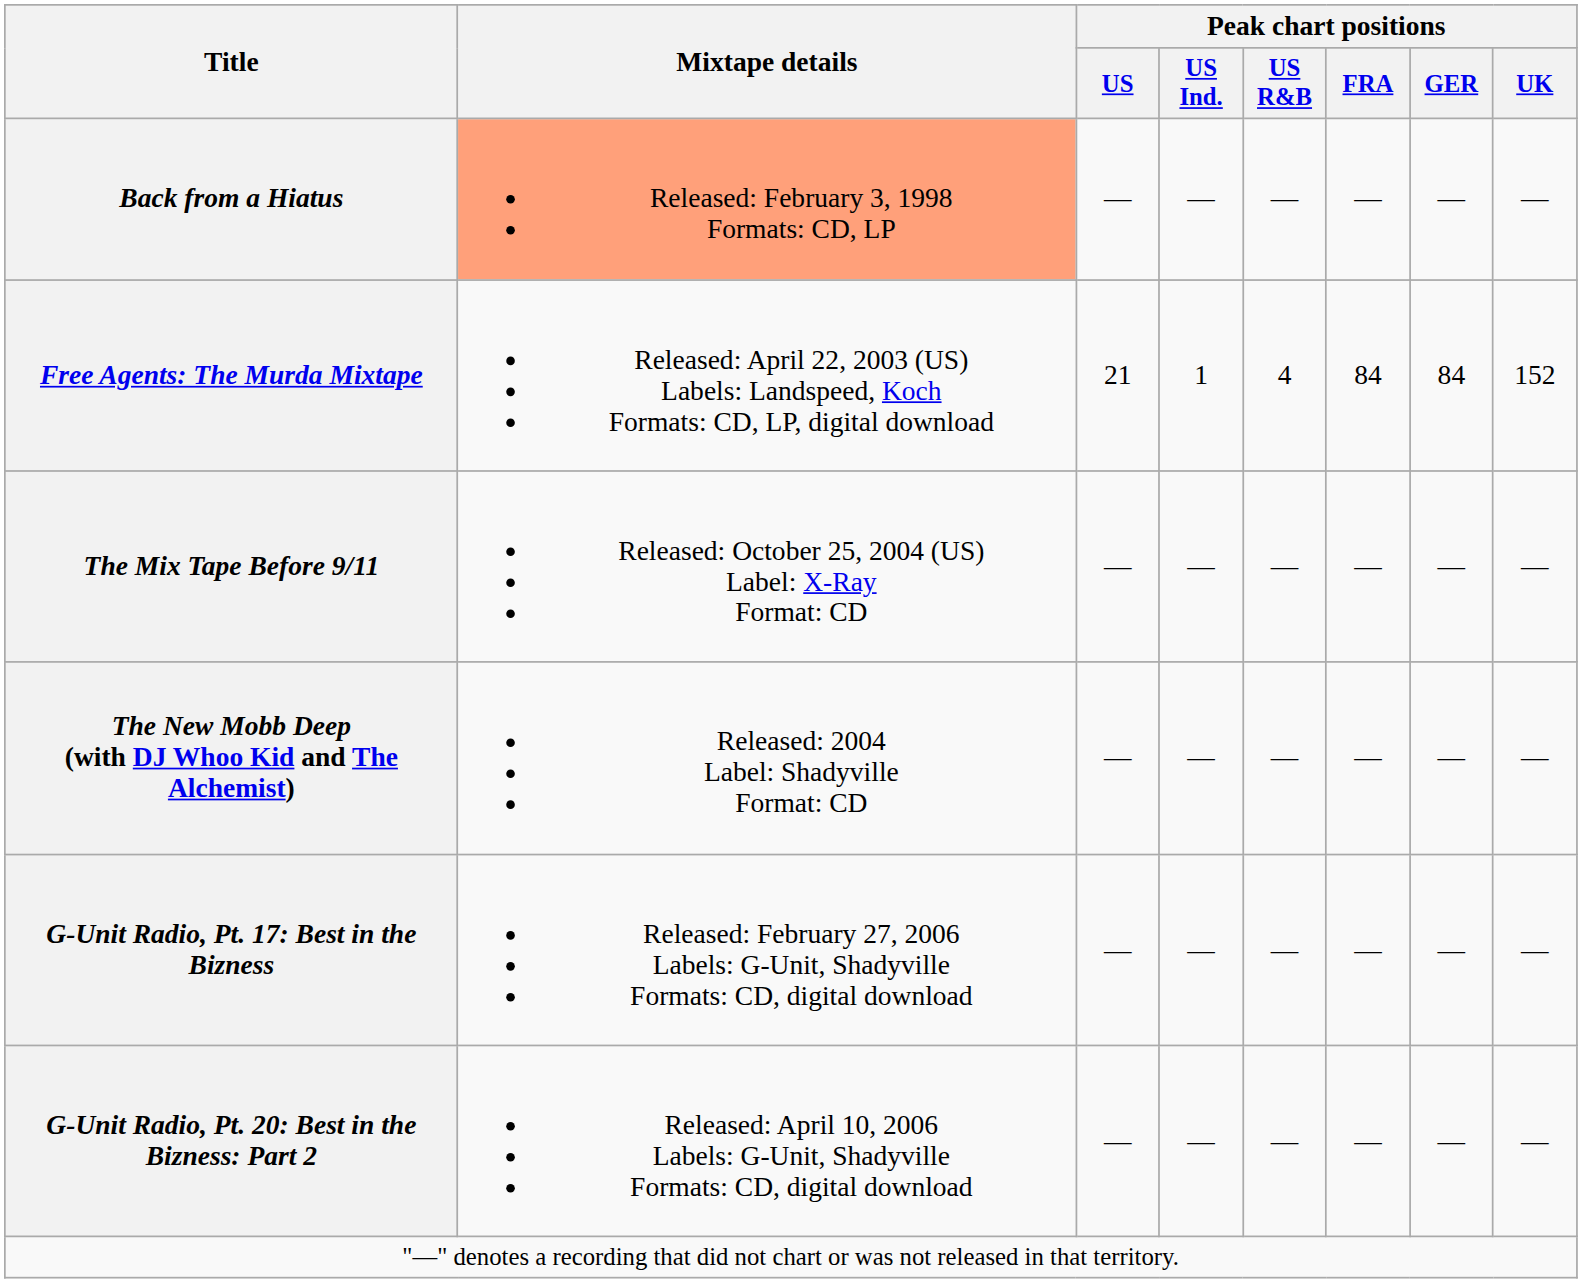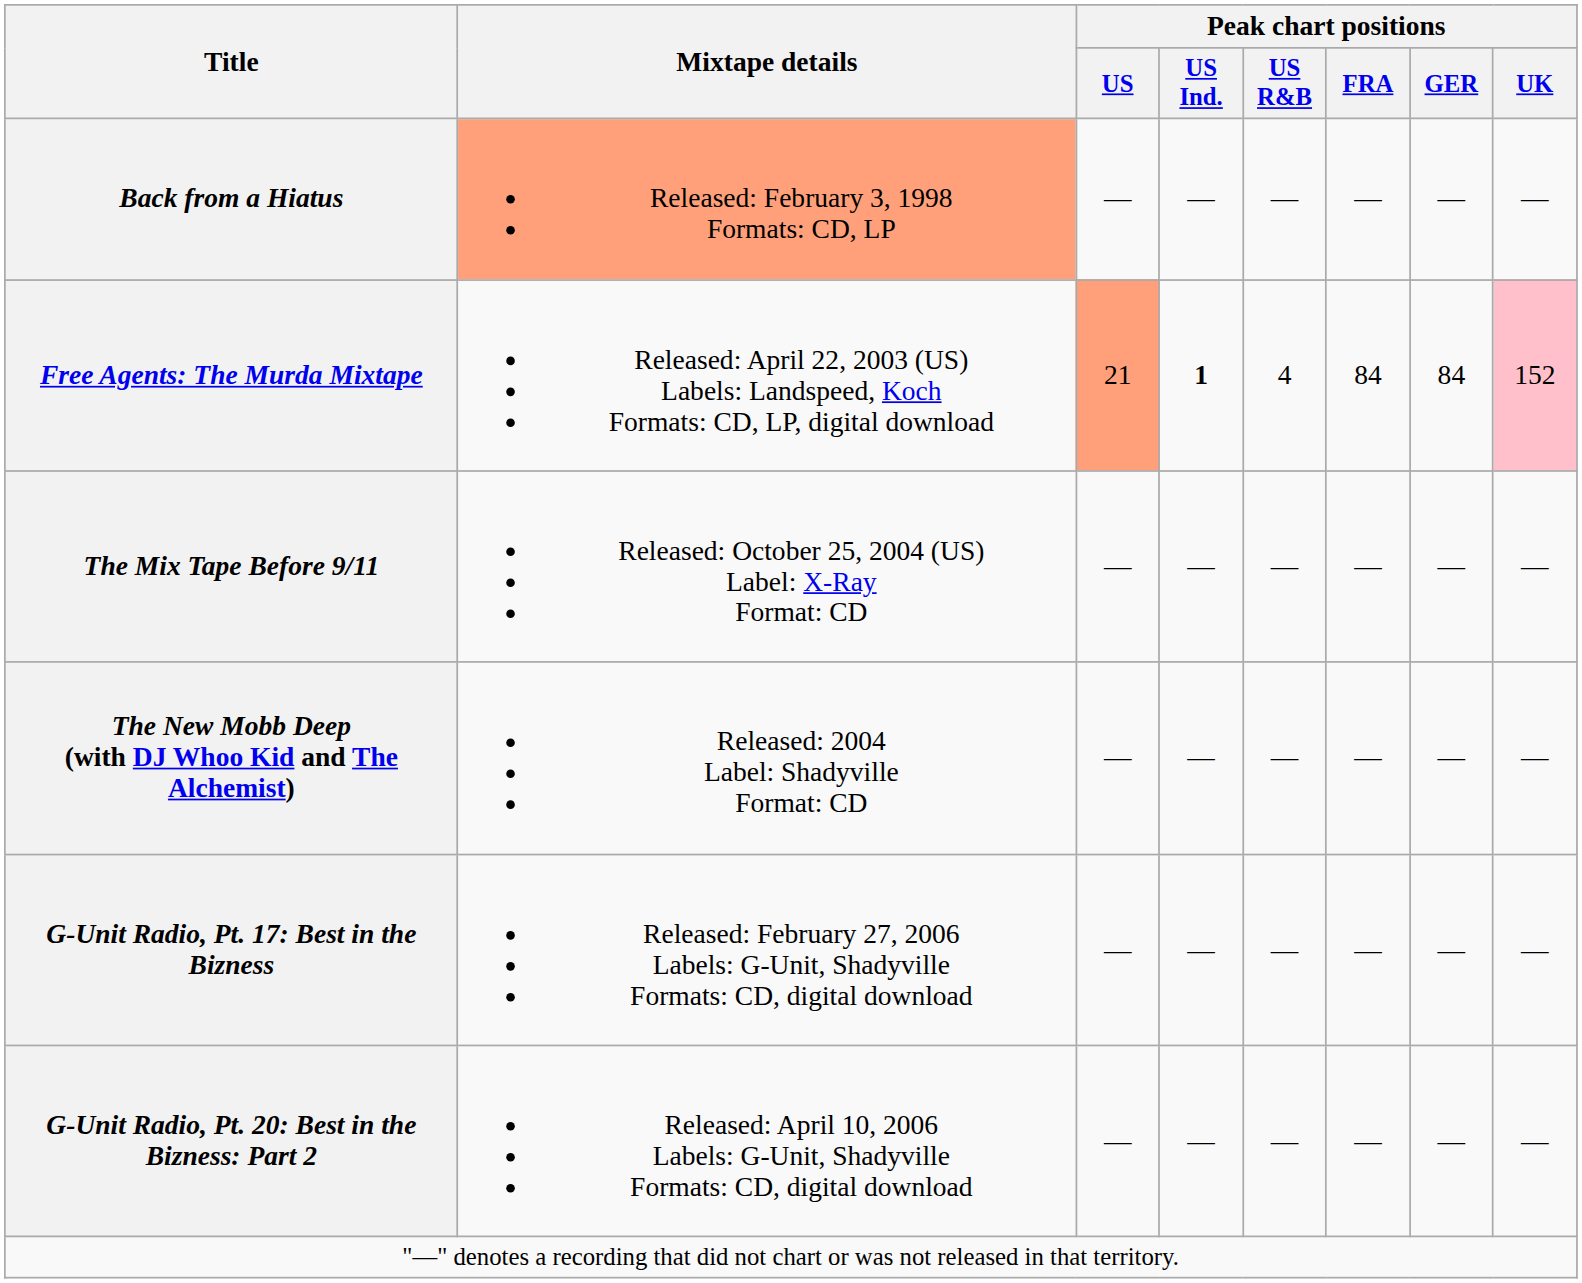 <table class="wikitable plainrowheaders" style="text-align:center;" border="1">
 <tr>
 <th scope="col" rowspan="2" style="width:16em;">Title</th>
 <th scope="col" rowspan="2" style="width:22em;">Mixtape details</th>
 <th scope="col" colspan="6">Peak chart positions</th>
 </tr>
 <tr>
 <th scope="col" style="width:2.9em;font-size:90%;"><a href='#'>US</a><br></th>
 <th scope="col" style="width:2.9em;font-size:90%;"><a href='#'>US<br>Ind.</a><br></th>
 <th scope="col" style="width:2.9em;font-size:90%;"><a href='#'>US<br>R&B</a><br></th>
 <th scope="col" style="width:2.9em;font-size:90%;"><a href='#'>FRA</a><br></th>
 <th scope="col" style="width:2.9em;font-size:90%;"><a href='#'>GER</a><br></th>
 <th scope="col" style="width:2.9em;font-size:90%;"><a href='#'>UK</a><br></th>
 </tr>
 <tr>
 <th scope="row"><em>Back from a Hiatus</em></th>
 <td style="background: lightsalmon;"><br><ul><li>Released: February 3, 1998</li><li>Formats: CD, LP</li></ul></td>
 <td>—</td>
 <td>—</td>
 <td>—</td>
 <td>—</td>
 <td>—</td>
 <td>—</td>
 </tr>
 <tr>
 <th scope="row"><em><a href='#'>Free Agents: The Murda Mixtape</a></em></th>
 <td><br><ul><li>Released: April 22, 2003 <span>(US)</span></li><li>Labels: Landspeed, <a href='#'>Koch</a></li><li>Formats: CD, LP, digital download</li></ul></td>
-<td>21</td>
-<td>1</td>
+<td style="background: lightsalmon;">21</td>
+<td><strong>1</strong></td>
 <td>4</td>
 <td>84</td>
 <td>84</td>
-<td>152</td>
+<td style="background: pink;">152</td>
 </tr>
 <tr>
 <th scope="row"><em>The Mix Tape Before 9/11</em></th>
 <td><br><ul><li>Released: October 25, 2004 <span>(US)</span></li><li>Label: <a href='#'>X-Ray</a></li><li>Format: CD</li></ul></td>
 <td>—</td>
 <td>—</td>
 <td>—</td>
 <td>—</td>
 <td>—</td>
 <td>—</td>
 </tr>
 <tr>
 <th scope="row"><em>The New Mobb Deep</em><br><span>(with <a href='#'>DJ Whoo Kid</a> and <a href='#'>The Alchemist</a>)</span></th>
 <td><br><ul><li>Released: 2004</li><li>Label: Shadyville</li><li>Format: CD</li></ul></td>
 <td>—</td>
 <td>—</td>
 <td>—</td>
 <td>—</td>
 <td>—</td>
 <td>—</td>
 </tr>
 <tr>
 <th scope="row"><em>G-Unit Radio, Pt. 17: Best in the Bizness</em></th>
 <td><br><ul><li>Released: February 27, 2006</li><li>Labels: G-Unit, Shadyville</li><li>Formats: CD, digital download</li></ul></td>
 <td>—</td>
 <td>—</td>
 <td>—</td>
 <td>—</td>
 <td>—</td>
 <td>—</td>
 </tr>
 <tr>
 <th scope="row"><em>G-Unit Radio, Pt. 20: Best in the Bizness: Part 2</em></th>
 <td><br><ul><li>Released: April 10, 2006</li><li>Labels: G-Unit, Shadyville</li><li>Formats: CD, digital download</li></ul></td>
 <td>—</td>
 <td>—</td>
 <td>—</td>
 <td>—</td>
 <td>—</td>
 <td>—</td>
 </tr>
 <tr>
 <td colspan="14" style="font-size:90%">"—" denotes a recording that did not chart or was not released in that territory.</td>
 </tr>
 </table>
